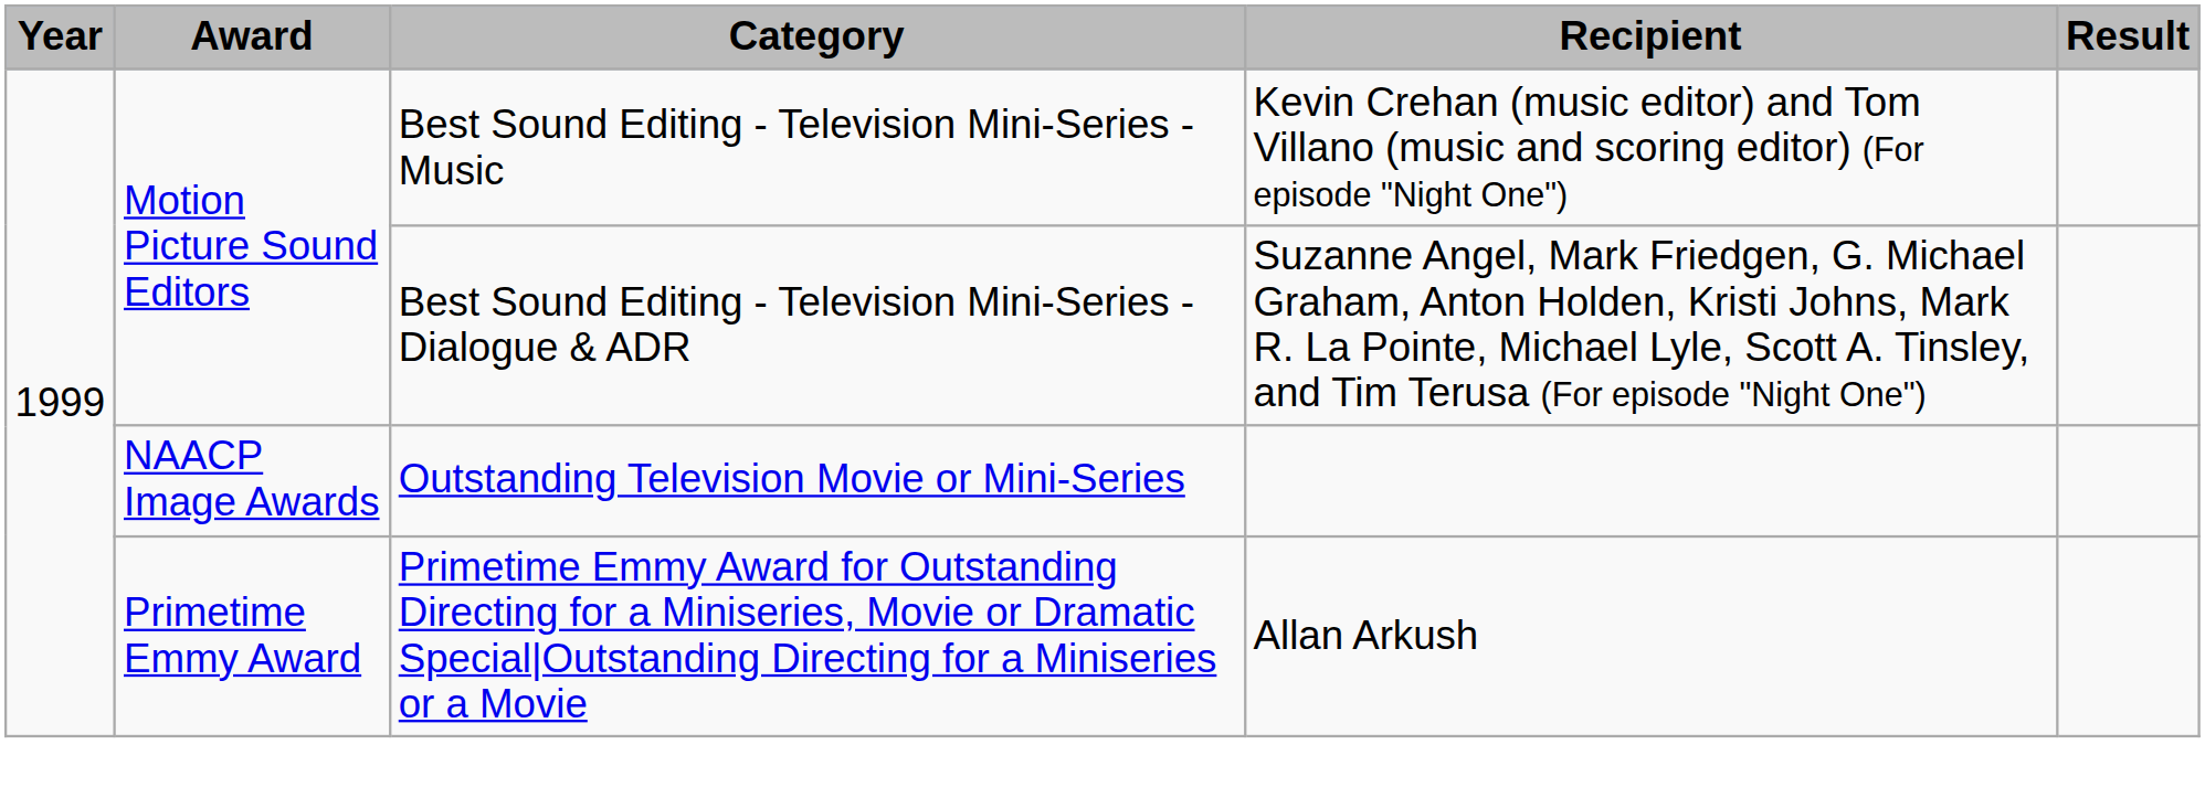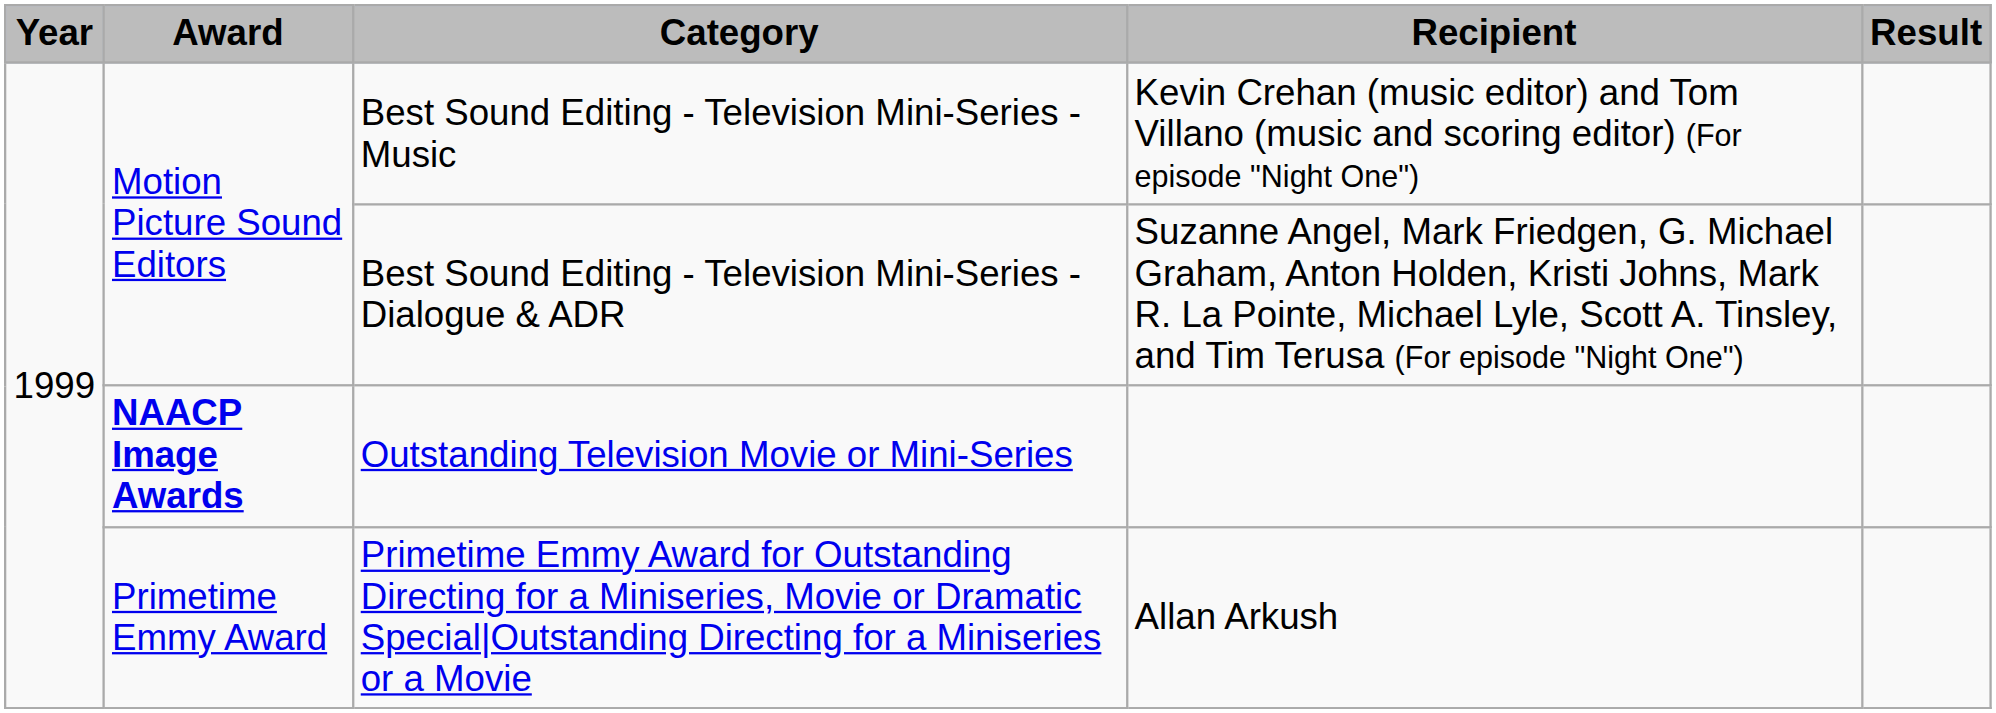 <table class="wikitable">
 <tr style="background:#b0c4de; text-align:center;">
 <th style="background:#bcbcbc;">Year</th>
 <th style="background:#bcbcbc;">Award</th>
 <th style="background:#bcbcbc;">Category</th>
 <th style="background:#bcbcbc;">Recipient</th>
 <th style="background:#bcbcbc;">Result</th>
 </tr>
 <tr>
 <td rowspan=4>1999</td>
 <td rowspan=2><a href='#'>Motion Picture Sound Editors</a></td>
 <td>Best Sound Editing - Television Mini-Series - Music</td>
 <td>Kevin Crehan (music editor) and Tom Villano (music and scoring editor) <small>(For episode "Night One")</small></td>
 <td></td>
 </tr>
 <tr>
 <td>Best Sound Editing - Television Mini-Series - Dialogue & ADR</td>
 <td>Suzanne Angel, Mark Friedgen, G. Michael Graham, Anton Holden, Kristi Johns, Mark R. La Pointe, Michael Lyle, Scott A. Tinsley, and Tim Terusa <small>(For episode "Night One")</small></td>
 <td></td>
 </tr>
 <tr>
-<td><a href='#'>NAACP Image Awards</a></td>
+<td><strong><a href='#'>NAACP Image Awards</a></strong></td>
 <td><a href='#'>Outstanding Television Movie or Mini-Series</a></td>
 <td></td>
 <td></td>
 </tr>
 <tr>
 <td><a href='#'>Primetime Emmy Award</a></td>
 <td><a href='#'>Primetime Emmy Award for Outstanding Directing for a Miniseries, Movie or Dramatic Special|Outstanding Directing for a Miniseries or a Movie</a></td>
 <td>Allan Arkush</td>
 <td></td>
 </tr>
 </table>
